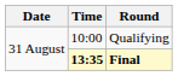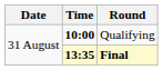 <table class="wikitable">
 <tr>
 <th>Date</th>
 <th>Time</th>
 <th>Round</th>
 </tr>
 <tr>
 <td rowspan=2>31 August</td>
-<td>10:00</td>
+<td><strong>10:00</strong></td>
 <td>Qualifying</td>
 </tr>
 <tr style="background:lemonchiffon">
 <td><strong>13:35</strong></td>
 <td><strong>Final</strong></td>
 </tr>
 </table>
